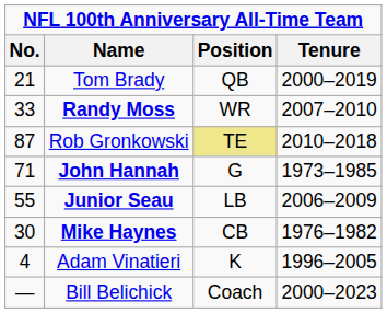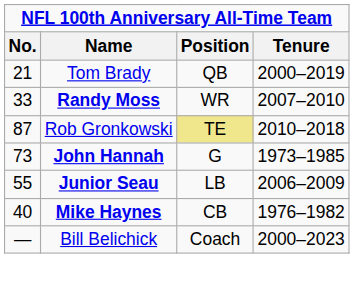 <table class="wikitable" style="text-align:center">
 <tr>
 <td colspan="4"><strong><a href='#'><span><u>NFL 100th Anniversary All-Time Team</u></span></a></strong></td>
 </tr>
 <tr>
 <th>No.</th>
 <th>Name</th>
 <th>Position</th>
 <th>Tenure</th>
 </tr>
 <tr>
 <td>21</td>
 <td><a href='#'>Tom Brady</a></td>
 <td>QB</td>
 <td>2000–2019</td>
 </tr>
 <tr>
 <td>33</td>
 <td><strong><a href='#'>Randy Moss</a></strong></td>
 <td>WR</td>
 <td>2007–2010</td>
 </tr>
 <tr>
 <td>87</td>
 <td><a href='#'>Rob Gronkowski</a></td>
 <td style="background: khaki;">TE</td>
 <td>2010–2018</td>
 </tr>
 <tr>
-<td>71</td>
+<td>73</td>
 <td><strong><a href='#'>John Hannah</a></strong></td>
 <td>G</td>
 <td>1973–1985</td>
 </tr>
 <tr>
 <td>55</td>
 <td><strong><a href='#'>Junior Seau</a></strong></td>
 <td>LB</td>
 <td>2006–2009</td>
 </tr>
 <tr>
-<td>30</td>
+<td>40</td>
 <td><strong><a href='#'>Mike Haynes</a></strong></td>
 <td>CB</td>
 <td>1976–1982</td>
-</tr>
-<tr>
-<td>4</td>
-<td><a href='#'>Adam Vinatieri</a></td>
-<td>K</td>
-<td>1996–2005</td>
 </tr>
 <tr>
 <td>—</td>
 <td><a href='#'>Bill Belichick</a></td>
 <td>Coach</td>
 <td>2000–2023</td>
 </tr>
 </table>
